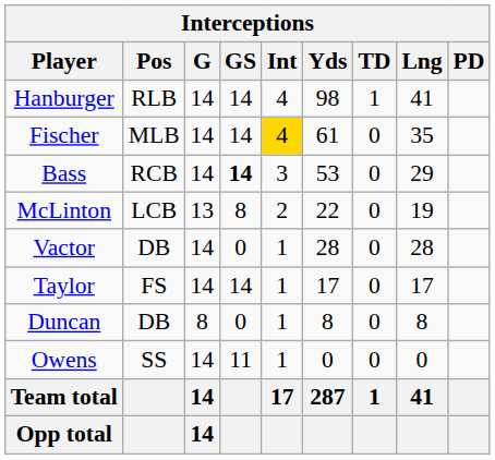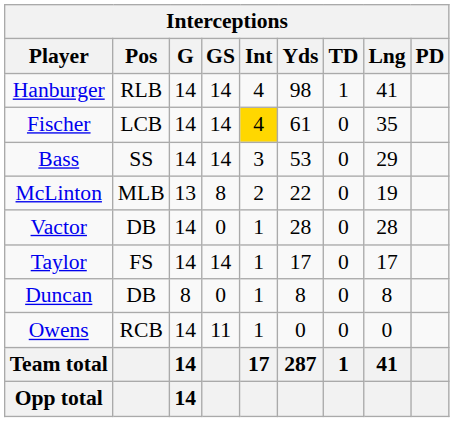 <table class="wikitable" style="text-align:center">
 <tr>
 <th colspan="9">Interceptions</th>
 </tr>
 <tr>
 <th>Player</th>
 <th>Pos</th>
 <th>G</th>
 <th>GS</th>
 <th>Int</th>
 <th>Yds</th>
 <th>TD</th>
 <th>Lng</th>
 <th>PD</th>
 </tr>
 <tr>
 <td><a href='#'>Hanburger</a></td>
 <td>RLB</td>
 <td>14</td>
 <td>14</td>
 <td>4</td>
 <td>98</td>
 <td>1</td>
 <td>41</td>
 <td></td>
 </tr>
 <tr>
 <td><a href='#'>Fischer</a></td>
-<td>MLB</td>
+<td>LCB</td>
 <td>14</td>
 <td>14</td>
 <td style="background: gold;">4</td>
 <td>61</td>
 <td>0</td>
 <td>35</td>
 <td></td>
 </tr>
 <tr>
 <td><a href='#'>Bass</a></td>
-<td>RCB</td>
+<td>SS</td>
 <td>14</td>
-<td><strong>14</strong></td>
+<td>14</td>
 <td>3</td>
 <td>53</td>
 <td>0</td>
 <td>29</td>
 <td></td>
 </tr>
 <tr>
 <td><a href='#'>McLinton</a></td>
-<td>LCB</td>
+<td>MLB</td>
 <td>13</td>
 <td>8</td>
 <td>2</td>
 <td>22</td>
 <td>0</td>
 <td>19</td>
 <td></td>
 </tr>
 <tr>
 <td><a href='#'>Vactor</a></td>
 <td>DB</td>
 <td>14</td>
 <td>0</td>
 <td>1</td>
 <td>28</td>
 <td>0</td>
 <td>28</td>
 <td></td>
 </tr>
 <tr>
 <td><a href='#'>Taylor</a></td>
 <td>FS</td>
 <td>14</td>
 <td>14</td>
 <td>1</td>
 <td>17</td>
 <td>0</td>
 <td>17</td>
 <td></td>
 </tr>
 <tr>
 <td><a href='#'>Duncan</a></td>
 <td>DB</td>
 <td>8</td>
 <td>0</td>
 <td>1</td>
 <td>8</td>
 <td>0</td>
 <td>8</td>
 <td></td>
 </tr>
 <tr>
 <td><a href='#'>Owens</a></td>
-<td>SS</td>
+<td>RCB</td>
 <td>14</td>
 <td>11</td>
 <td>1</td>
 <td>0</td>
 <td>0</td>
 <td>0</td>
 <td></td>
 </tr>
 <tr>
 <th>Team total</th>
 <th></th>
 <th>14</th>
 <th></th>
 <th>17</th>
 <th>287</th>
 <th>1</th>
 <th>41</th>
 <th></th>
 </tr>
 <tr>
 <th>Opp total</th>
 <th></th>
 <th>14</th>
 <th></th>
 <th></th>
 <th></th>
 <th></th>
 <th></th>
 <th></th>
 </tr>
 </table>
